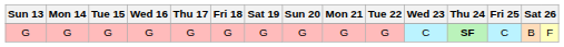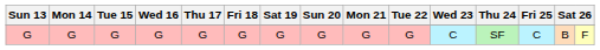 <table class="wikitable" style="margin:0.5em auto; font-size:90%; line-height:1.25em;">
 <tr align="center">
 <th>Sun 13</th>
 <th>Mon 14</th>
 <th>Tue 15</th>
 <th>Wed 16</th>
 <th>Thu 17</th>
 <th>Fri 18</th>
 <th>Sat 19</th>
 <th>Sun 20</th>
 <th>Mon 21</th>
 <th>Tue 22</th>
 <th>Wed 23</th>
 <th>Thu 24</th>
 <th>Fri 25</th>
 <th colspan="2">Sat 26</th>
 </tr>
 <tr>
 </tr>
 <tr align="center">
 <td bgcolor="#FFBBBB">G</td>
 <td bgcolor="#FFBBBB">G</td>
 <td bgcolor="#FFBBBB">G</td>
 <td bgcolor="#FFBBBB">G</td>
 <td bgcolor="#FFBBBB">G</td>
 <td bgcolor="#FFBBBB">G</td>
 <td bgcolor="#FFBBBB">G</td>
 <td bgcolor="#FFBBBB">G</td>
 <td bgcolor="#FFBBBB">G</td>
 <td bgcolor="#FFBBBB">G</td>
 <td bgcolor="#BBF3FF">C</td>
-<td bgcolor="#BBF3BB"><strong>SF</strong></td>
+<td bgcolor="#BBF3BB">SF</td>
 <td bgcolor="#BBF3FF">C</td>
 <td bgcolor="#FEDCBA">B</td>
 <td bgcolor="#FFFFBB">F</td>
 </tr>
 </table>
